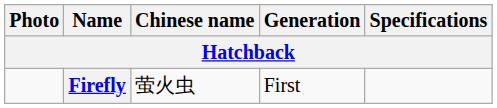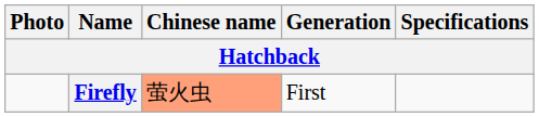 <table class="wikitable">
 <tr>
 <th>Photo</th>
 <th>Name</th>
 <th>Chinese name</th>
 <th>Generation</th>
 <th>Specifications</th>
 </tr>
 <tr>
 <th colspan="5"><a href='#'>Hatchback</a></th>
 </tr>
 <tr>
 <td></td>
 <th><a href='#'>Firefly</a></th>
-<td>萤火虫</td>
+<td style="background: lightsalmon;">萤火虫</td>
 <td>First</td>
 <td></td>
 </tr>
 </table>
